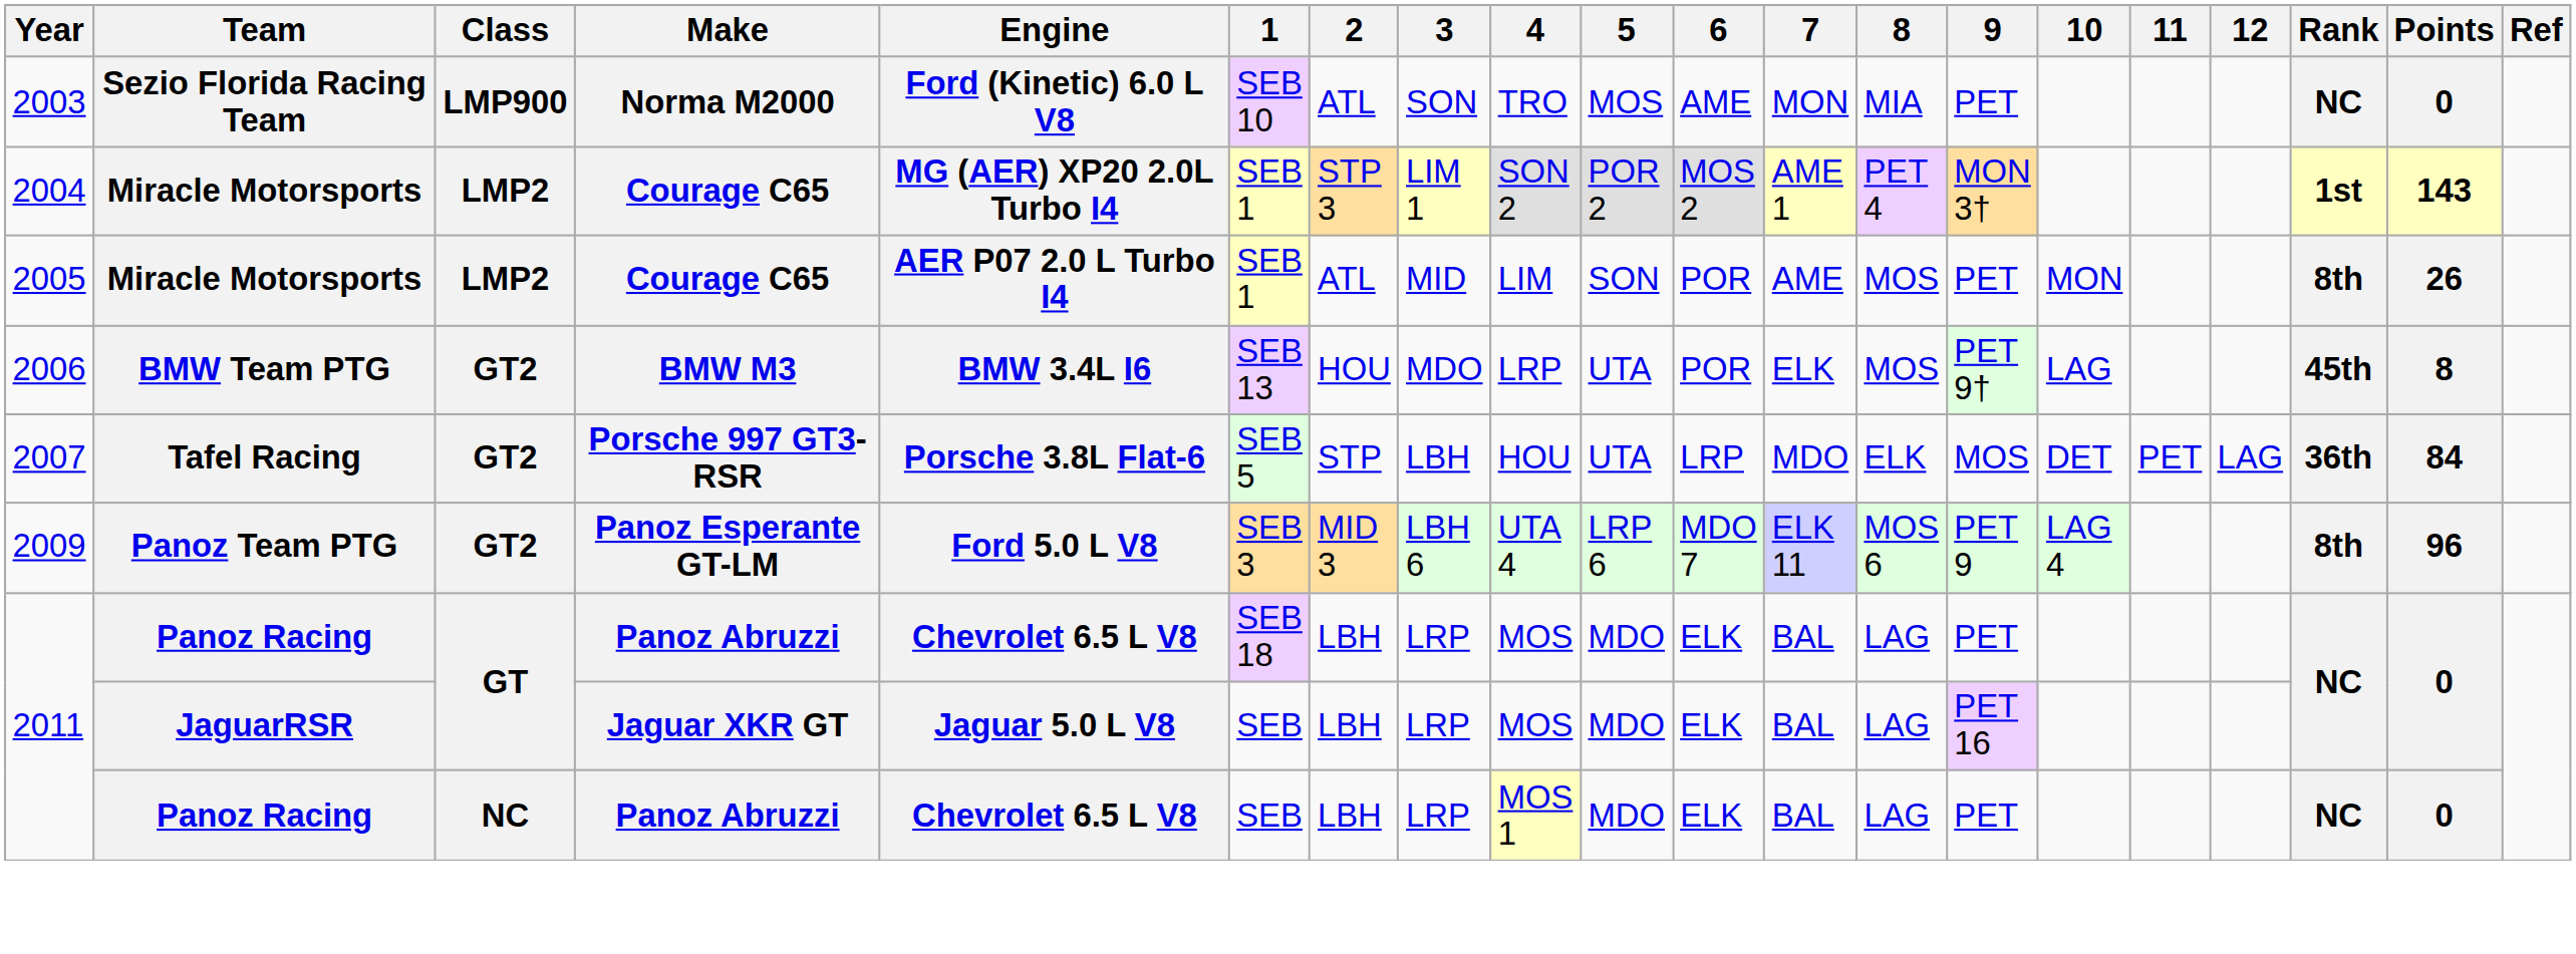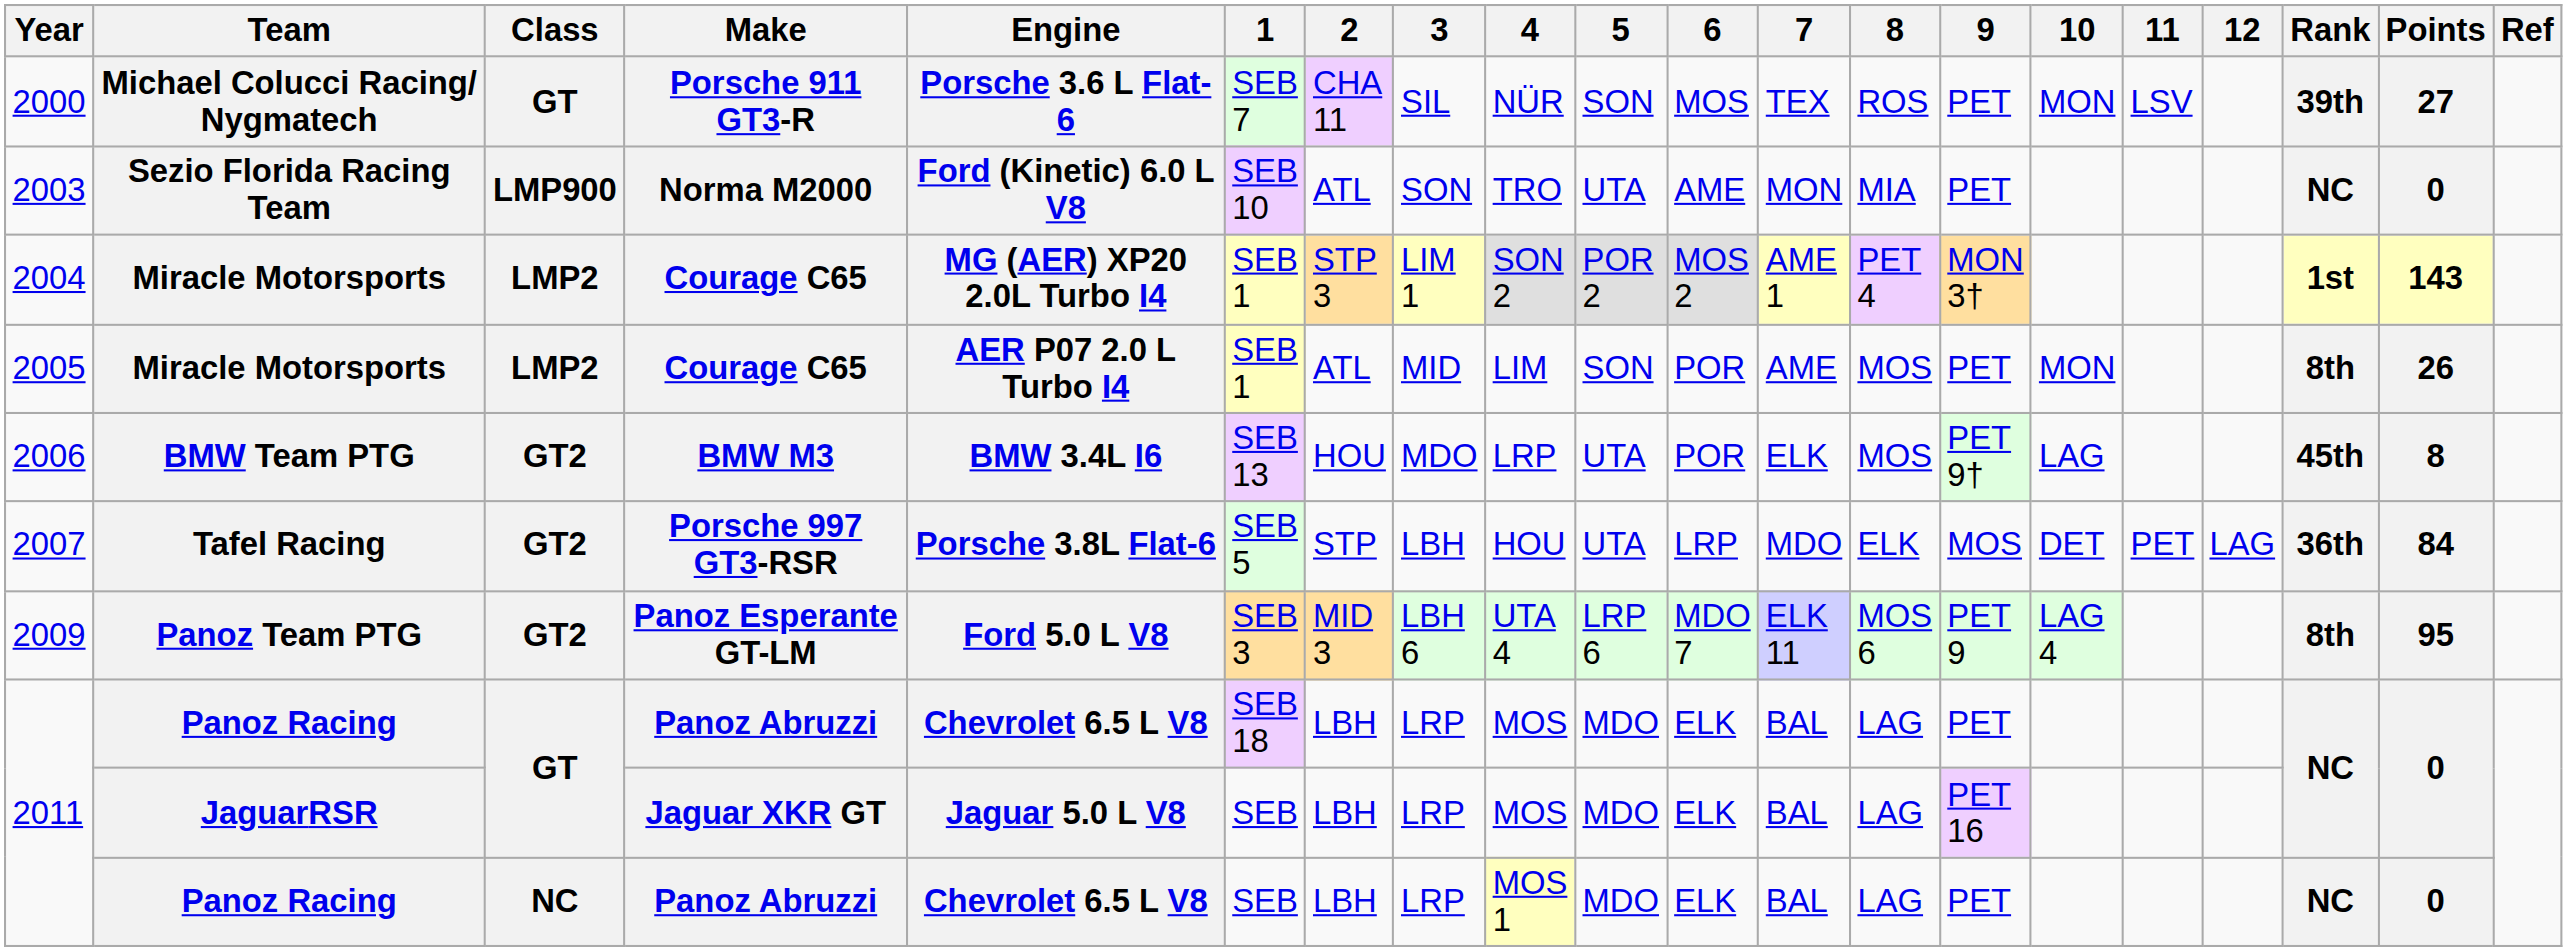 <table class="wikitable">
 <tr>
 <th>Year</th>
 <th>Team</th>
 <th>Class</th>
 <th>Make</th>
 <th>Engine</th>
 <th>1</th>
 <th>2</th>
 <th>3</th>
 <th>4</th>
 <th>5</th>
 <th>6</th>
 <th>7</th>
 <th>8</th>
 <th>9</th>
 <th>10</th>
 <th>11</th>
 <th>12</th>
 <th>Rank</th>
 <th>Points</th>
 <th>Ref</th>
 </tr>
 <tr>
+<td><a href='#'>2000</a></td>
+<th>Michael Colucci Racing/ Nygmatech</th>
+<th>GT</th>
+<th><a href='#'>Porsche 911 GT3</a>-R</th>
+<th><a href='#'>Porsche</a> 3.6 L <a href='#'>Flat-6</a></th>
+<td style="background:#DFFFDF;"><a href='#'>SEB</a><br>7</td>
+<td style="background:#EFCFFF;"><a href='#'>CHA</a><br>11</td>
+<td><a href='#'>SIL</a></td>
+<td><a href='#'>NÜR</a></td>
+<td><a href='#'>SON</a></td>
+<td><a href='#'>MOS</a></td>
+<td><a href='#'>TEX</a></td>
+<td><a href='#'>ROS</a></td>
+<td><a href='#'>PET</a></td>
+<td><a href='#'>MON</a></td>
+<td><a href='#'>LSV</a></td>
+<td></td>
+<th>39th</th>
+<th>27</th>
+<td></td>
+</tr>
+<tr>
 <td><a href='#'>2003</a></td>
 <th>Sezio Florida Racing Team</th>
 <th>LMP900</th>
 <th>Norma M2000</th>
 <th><a href='#'>Ford</a> (Kinetic) 6.0 L <a href='#'>V8</a></th>
 <td style="background:#EFCFFF;"><a href='#'>SEB</a><br>10</td>
 <td><a href='#'>ATL</a></td>
 <td><a href='#'>SON</a></td>
 <td><a href='#'>TRO</a></td>
-<td><a href='#'>MOS</a></td>
+<td><a href='#'>UTA</a><br></td>
 <td><a href='#'>AME</a></td>
 <td><a href='#'>MON</a></td>
 <td><a href='#'>MIA</a></td>
 <td><a href='#'>PET</a></td>
 <td></td>
 <td></td>
 <td></td>
 <th>NC</th>
 <th>0</th>
 <td></td>
 </tr>
 <tr>
 <td><a href='#'>2004</a></td>
 <th>Miracle Motorsports</th>
 <th>LMP2</th>
 <th><a href='#'>Courage</a> C65</th>
 <th><a href='#'>MG</a> (<a href='#'>AER</a>) XP20 2.0L Turbo <a href='#'>I4</a></th>
 <td style="background:#FFFFBF;"><a href='#'>SEB</a><br>1</td>
 <td style="background:#FFDF9F;”"><a href='#'>STP</a><br>3</td>
 <td style="background:#FFFFBF;"><a href='#'>LIM</a><br>1</td>
 <td style="background:#DFDFDF;”"><a href='#'>SON</a><br>2</td>
 <td style="background:#DFDFDF;”"><a href='#'>POR</a><br>2</td>
 <td style="background:#DFDFDF;”"><a href='#'>MOS</a><br>2</td>
 <td style="background:#FFFFBF;"><a href='#'>AME</a><br>1</td>
 <td style="background:#EFCFFF;"><a href='#'>PET</a><br>4</td>
 <td style="background:#FFDF9F;”"><a href='#'>MON</a><br>3†</td>
 <td></td>
 <td></td>
 <td></td>
 <th style="background:#FFFFBF;”">1st</th>
 <th style="background:#FFFFBF;”">143</th>
 <td></td>
 </tr>
 <tr>
 <td><a href='#'>2005</a></td>
 <th>Miracle Motorsports</th>
 <th>LMP2</th>
 <th><a href='#'>Courage</a> C65</th>
 <th><a href='#'>AER</a> P07 2.0 L Turbo <a href='#'>I4</a></th>
 <td style="background:#FFFFBF;"><a href='#'>SEB</a><br>1</td>
 <td><a href='#'>ATL</a><br></td>
 <td><a href='#'>MID</a><br></td>
 <td><a href='#'>LIM</a><br></td>
 <td><a href='#'>SON</a><br></td>
 <td><a href='#'>POR</a><br></td>
 <td><a href='#'>AME</a><br></td>
 <td><a href='#'>MOS</a><br></td>
 <td><a href='#'>PET</a><br></td>
 <td><a href='#'>MON</a><br></td>
 <td></td>
 <td></td>
 <th>8th</th>
 <th>26</th>
 <td></td>
 </tr>
 <tr>
 <td><a href='#'>2006</a></td>
 <th><a href='#'>BMW</a> Team PTG</th>
 <th>GT2</th>
 <th><a href='#'>BMW M3</a></th>
 <th><a href='#'>BMW</a> 3.4L <a href='#'>I6</a></th>
 <td style="background:#EFCFFF;"><a href='#'>SEB</a><br>13</td>
 <td><a href='#'>HOU</a></td>
 <td><a href='#'>MDO</a><br></td>
 <td><a href='#'>LRP</a><br></td>
 <td><a href='#'>UTA</a><br></td>
 <td><a href='#'>POR</a><br></td>
 <td><a href='#'>ELK</a><br></td>
 <td><a href='#'>MOS</a><br></td>
 <td style="background:#DFFFDF;"><a href='#'>PET</a><br>9†</td>
 <td><a href='#'>LAG</a><br></td>
 <td></td>
 <td></td>
 <th>45th</th>
 <th>8</th>
 <td></td>
 </tr>
 <tr>
 <td><a href='#'>2007</a></td>
 <th>Tafel Racing</th>
 <th>GT2</th>
 <th><a href='#'>Porsche 997 GT3</a>-RSR</th>
 <th><a href='#'>Porsche</a> 3.8L <a href='#'>Flat-6</a></th>
 <td style="background:#DFFFDF;"><a href='#'>SEB</a><br>5</td>
 <td><a href='#'>STP</a></td>
 <td><a href='#'>LBH</a></td>
 <td><a href='#'>HOU</a></td>
 <td><a href='#'>UTA</a><br></td>
 <td><a href='#'>LRP</a></td>
 <td><a href='#'>MDO</a></td>
 <td><a href='#'>ELK</a></td>
 <td><a href='#'>MOS</a></td>
 <td><a href='#'>DET</a></td>
 <td><a href='#'>PET</a></td>
 <td><a href='#'>LAG</a></td>
 <th>36th</th>
 <th>84</th>
 <td></td>
 </tr>
 <tr>
 <td><a href='#'>2009</a></td>
 <th><a href='#'>Panoz</a> Team PTG</th>
 <th>GT2</th>
 <th><a href='#'>Panoz Esperante</a> GT-LM</th>
 <th><a href='#'>Ford</a> 5.0 L <a href='#'>V8</a></th>
 <td style="background:#FFDF9F;”"><a href='#'>SEB</a><br>3</td>
 <td style="background:#FFDF9F;”"><a href='#'>MID</a><br>3</td>
 <td style="background:#DFFFDF;"><a href='#'>LBH</a><br>6</td>
 <td style="background:#DFFFDF;"><a href='#'>UTA</a><br>4</td>
 <td style="background:#DFFFDF;"><a href='#'>LRP</a><br>6</td>
 <td style="background:#DFFFDF;"><a href='#'>MDO</a><br>7</td>
 <td style="background:#CFCFFF;”"><a href='#'>ELK</a><br>11</td>
 <td style="background:#DFFFDF;"><a href='#'>MOS</a><br>6</td>
 <td style="background:#DFFFDF;"><a href='#'>PET</a><br>9</td>
 <td style="background:#DFFFDF;"><a href='#'>LAG</a><br>4</td>
 <td></td>
 <td></td>
 <th>8th</th>
-<th>96</th>
+<th>95</th>
 <td></td>
 </tr>
 <tr>
 <td rowspan="3"><a href='#'>2011</a></td>
 <th><a href='#'>Panoz Racing</a></th>
 <th rowspan="2">GT</th>
 <th><a href='#'>Panoz Abruzzi</a></th>
 <th><a href='#'>Chevrolet</a> 6.5 L <a href='#'>V8</a></th>
 <td style="background:#EFCFFF;"><a href='#'>SEB</a><br>18</td>
 <td><a href='#'>LBH</a><br></td>
 <td><a href='#'>LRP</a><br></td>
 <td><a href='#'>MOS</a><br></td>
 <td><a href='#'>MDO</a><br></td>
 <td><a href='#'>ELK</a><br></td>
 <td><a href='#'>BAL</a><br></td>
 <td><a href='#'>LAG</a><br></td>
 <td><a href='#'>PET</a><br></td>
 <td></td>
 <td></td>
 <td></td>
 <th rowspan="2">NC</th>
 <th rowspan="2">0</th>
 <td rowspan="3"></td>
 </tr>
 <tr>
 <th><a href='#'>Jaguar</a><a href='#'>RSR</a></th>
 <th><a href='#'>Jaguar XKR</a> GT</th>
 <th><a href='#'>Jaguar</a> 5.0 L <a href='#'>V8</a></th>
 <td><a href='#'>SEB</a></td>
 <td><a href='#'>LBH</a></td>
 <td><a href='#'>LRP</a></td>
 <td><a href='#'>MOS</a><br></td>
 <td><a href='#'>MDO</a></td>
 <td><a href='#'>ELK</a></td>
 <td><a href='#'>BAL</a></td>
 <td><a href='#'>LAG</a></td>
 <td style="background:#EFCFFF;"><a href='#'>PET</a><br>16</td>
 <td></td>
 <td></td>
 <td></td>
 </tr>
 <tr>
 <th><a href='#'>Panoz Racing</a></th>
 <th>NC</th>
 <th><a href='#'>Panoz Abruzzi</a></th>
 <th><a href='#'>Chevrolet</a> 6.5 L <a href='#'>V8</a></th>
 <td><a href='#'>SEB</a></td>
 <td><a href='#'>LBH</a></td>
 <td><a href='#'>LRP</a></td>
 <td style="background:#FFFFBF;”"><a href='#'>MOS</a><br>1</td>
 <td><a href='#'>MDO</a></td>
 <td><a href='#'>ELK</a></td>
 <td><a href='#'>BAL</a></td>
 <td><a href='#'>LAG</a></td>
 <td><a href='#'>PET</a><br></td>
 <td></td>
 <td></td>
 <td></td>
 <th>NC</th>
 <th>0</th>
 </tr>
 </table>
